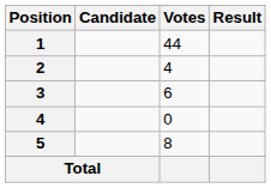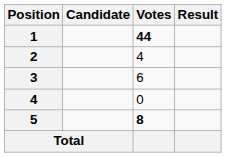 <table class="wikitable sortable col3right">
 <tr>
 <th scope="col">Position</th>
 <th scope="col">Candidate</th>
 <th scope="col">Votes</th>
 <th scope="col">Result</th>
 </tr>
 <tr>
 <th scope="row">1</th>
 <td></td>
-<td>44</td>
+<td><strong>44</strong></td>
 <td></td>
 </tr>
 <tr>
 <th scope="row">2</th>
 <td></td>
 <td>4</td>
 <td></td>
 </tr>
 <tr>
 <th scope="row">3</th>
 <td></td>
 <td>6</td>
 <td></td>
 </tr>
 <tr>
 <th scope="row">4</th>
 <td></td>
 <td>0</td>
 <td></td>
 </tr>
 <tr>
 <th scope="row">5</th>
 <td></td>
-<td>8</td>
+<td><strong>8</strong></td>
 <td></td>
 </tr>
 <tr class="sortbottom">
 <th scope="row" colspan="2">Total</th>
 <th></th>
 <th></th>
 </tr>
 </table>
